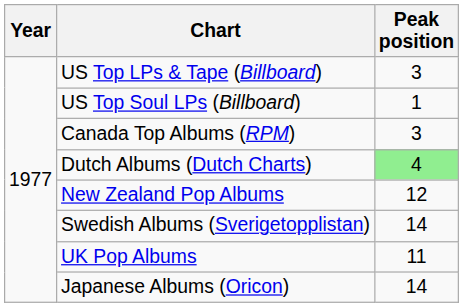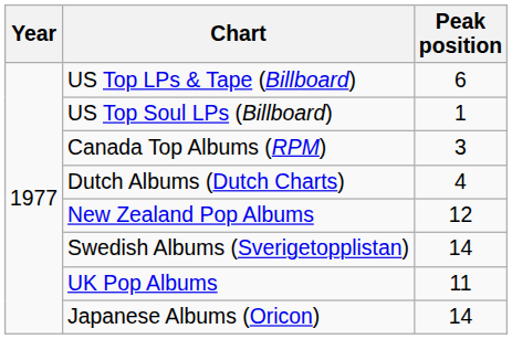 <table class="wikitable">
 <tr>
 <th>Year</th>
 <th>Chart</th>
 <th>Peak<br>position</th>
 </tr>
 <tr>
 <td rowspan="8">1977</td>
 <td>US <a href='#'>Top LPs & Tape</a> (<em><a href='#'>Billboard</a></em>)</td>
-<td style="text-align:center;">3</td>
+<td style="text-align:center;">6</td>
 </tr>
 <tr>
 <td>US <a href='#'>Top Soul LPs</a> (<em>Billboard</em>)</td>
 <td style="text-align:center;">1</td>
 </tr>
 <tr>
 <td>Canada Top Albums (<em><a href='#'>RPM</a></em>)</td>
 <td style="text-align:center;">3</td>
 </tr>
 <tr>
 <td>Dutch Albums (<a href='#'>Dutch Charts</a>)</td>
-<td style="background: lightgreen; text-align:center;">4</td>
+<td style="text-align:center;">4</td>
 </tr>
 <tr>
 <td><a href='#'>New Zealand Pop Albums</a></td>
 <td style="text-align:center;">12</td>
 </tr>
 <tr>
 <td>Swedish Albums (<a href='#'>Sverigetopplistan</a>)</td>
 <td style="text-align:center;">14</td>
 </tr>
 <tr>
 <td><a href='#'>UK Pop Albums</a></td>
 <td style="text-align:center;">11</td>
 </tr>
 <tr>
 <td>Japanese Albums (<a href='#'>Oricon</a>)</td>
 <td align="center">14</td>
 </tr>
 </table>
